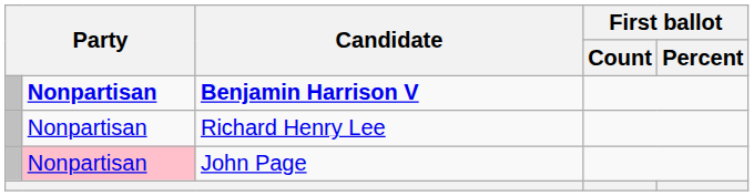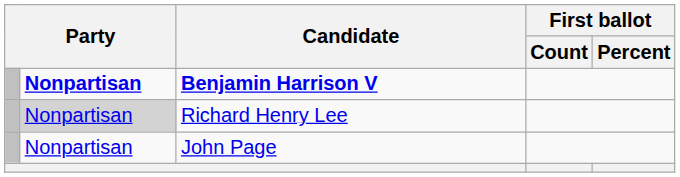 <table class=wikitable>
 <tr>
 <th colspan=2 rowspan=2 style="width: 130px">Party</th>
 <th rowspan=2 style="width: 17em">Candidate</th>
 <th colspan=2>First ballot</th>
 </tr>
 <tr>
 <th style="width: 2.5em">Count</th>
 <th style="width: 2.5em">Percent</th>
 </tr>
 <tr>
 <td style="background-color:#C0C0C0; width:5px;"></td>
 <td><strong><a href='#'>Nonpartisan</a></strong></td>
 <td><strong><a href='#'>Benjamin Harrison V</a></strong></td>
 <td align=right colspan=2></td>
 </tr>
 <tr>
 <td style="background-color:#C0C0C0; width:5px;"></td>
-<td><a href='#'>Nonpartisan</a></td>
+<td style="background: lightgrey;"><a href='#'>Nonpartisan</a></td>
 <td><a href='#'>Richard Henry Lee</a></td>
 <td align=right colspan=2></td>
 </tr>
 <tr>
 <td style="background-color:#C0C0C0; width:5px;"></td>
-<td style="background: pink;"><a href='#'>Nonpartisan</a></td>
+<td><a href='#'>Nonpartisan</a></td>
 <td><a href='#'>John Page</a></td>
 <td align=right colspan=2></td>
 </tr>
 <tr>
 <th colspan=3></th>
 <th></th>
 <th></th>
 </tr>
 </table>
